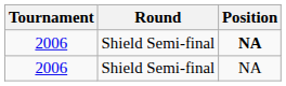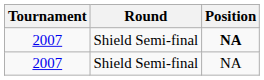 <table class="wikitable" style="text-align: center">
 <tr>
 <th>Tournament</th>
 <th>Round</th>
 <th>Position</th>
 </tr>
 <tr>
-<td> <a href='#'>2006</a></td>
+<td> <a href='#'>2007</a></td>
 <td>Shield Semi-final</td>
 <td><strong>NA</strong></td>
 </tr>
 <tr>
-<td> <a href='#'>2006</a></td>
+<td> <a href='#'>2007</a></td>
 <td>Shield Semi-final</td>
 <td>NA</td>
 </tr>
 </table>
